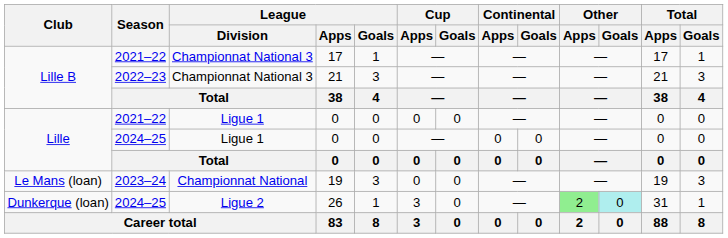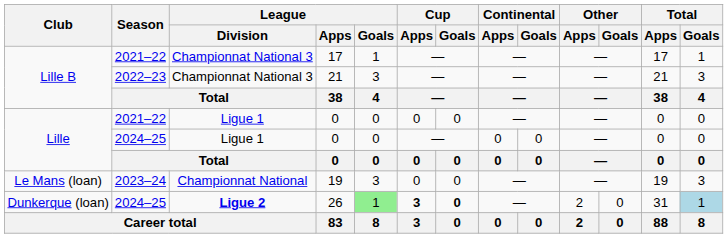 <table class="wikitable" style="text-align: center;">
 <tr>
 <th rowspan="2">Club</th>
 <th rowspan="2">Season</th>
 <th colspan="3">League</th>
 <th colspan="2">Cup</th>
 <th colspan="2">Continental</th>
 <th colspan="2">Other</th>
 <th colspan="2">Total</th>
 </tr>
 <tr>
 <th>Division</th>
 <th>Apps</th>
 <th>Goals</th>
 <th>Apps</th>
 <th>Goals</th>
 <th>Apps</th>
 <th>Goals</th>
 <th>Apps</th>
 <th>Goals</th>
 <th>Apps</th>
 <th>Goals</th>
 </tr>
 <tr>
 <td rowspan="3"><a href='#'>Lille B</a></td>
 <td><a href='#'>2021–22</a></td>
 <td><a href='#'>Championnat National 3</a></td>
 <td>17</td>
 <td>1</td>
 <td colspan="2">—</td>
 <td colspan="2">—</td>
 <td colspan="2">—</td>
 <td>17</td>
 <td>1</td>
 </tr>
 <tr>
 <td><a href='#'>2022–23</a></td>
 <td>Championnat National 3</td>
 <td>21</td>
 <td>3</td>
 <td colspan="2">—</td>
 <td colspan="2">—</td>
 <td colspan="2">—</td>
 <td>21</td>
 <td>3</td>
 </tr>
 <tr>
 <th colspan="2">Total</th>
 <th>38</th>
 <th>4</th>
 <th colspan="2">—</th>
 <th colspan="2">—</th>
 <th colspan="2">—</th>
 <th>38</th>
 <th>4</th>
 </tr>
 <tr>
 <td rowspan="3"><a href='#'>Lille</a></td>
 <td><a href='#'>2021–22</a></td>
 <td><a href='#'>Ligue 1</a></td>
 <td>0</td>
 <td>0</td>
 <td>0</td>
 <td>0</td>
 <td colspan="2">—</td>
 <td colspan="2">—</td>
 <td>0</td>
 <td>0</td>
 </tr>
 <tr>
 <td><a href='#'>2024–25</a></td>
 <td>Ligue 1</td>
 <td>0</td>
 <td>0</td>
 <td colspan="2">—</td>
 <td>0</td>
 <td>0</td>
 <td colspan="2">—</td>
 <td>0</td>
 <td>0</td>
 </tr>
 <tr>
 <th colspan="2">Total</th>
 <th>0</th>
 <th>0</th>
 <th>0</th>
 <th>0</th>
 <th>0</th>
 <th>0</th>
 <th colspan="2">—</th>
 <th>0</th>
 <th>0</th>
 </tr>
 <tr>
 <td><a href='#'>Le Mans</a> (loan)</td>
 <td><a href='#'>2023–24</a></td>
 <td><a href='#'>Championnat National</a></td>
 <td>19</td>
 <td>3</td>
 <td>0</td>
 <td>0</td>
 <td colspan="2">—</td>
 <td colspan="2">—</td>
 <td>19</td>
 <td>3</td>
 </tr>
 <tr>
 <td><a href='#'>Dunkerque</a> (loan)</td>
 <td><a href='#'>2024–25</a></td>
-<td><a href='#'>Ligue 2</a></td>
+<td><strong><a href='#'>Ligue 2</a></strong></td>
 <td>26</td>
-<td>1</td>
-<td>3</td>
+<td style="background: lightgreen;">1</td>
+<td><strong>3</strong></td>
+<td><strong>0</strong></td>
+<td colspan="2">—</td>
+<td>2</td>
 <td>0</td>
-<td colspan="2">—</td>
-<td style="background: lightgreen;">2</td>
-<td style="background: paleturquoise;">0</td>
 <td>31</td>
-<td>1</td>
+<td style="background: lightblue;">1</td>
 </tr>
 <tr>
 <th colspan="3">Career total</th>
 <th>83</th>
 <th>8</th>
 <th>3</th>
 <th>0</th>
 <th>0</th>
 <th>0</th>
 <th>2</th>
 <th>0</th>
 <th>88</th>
 <th>8</th>
 </tr>
 </table>
